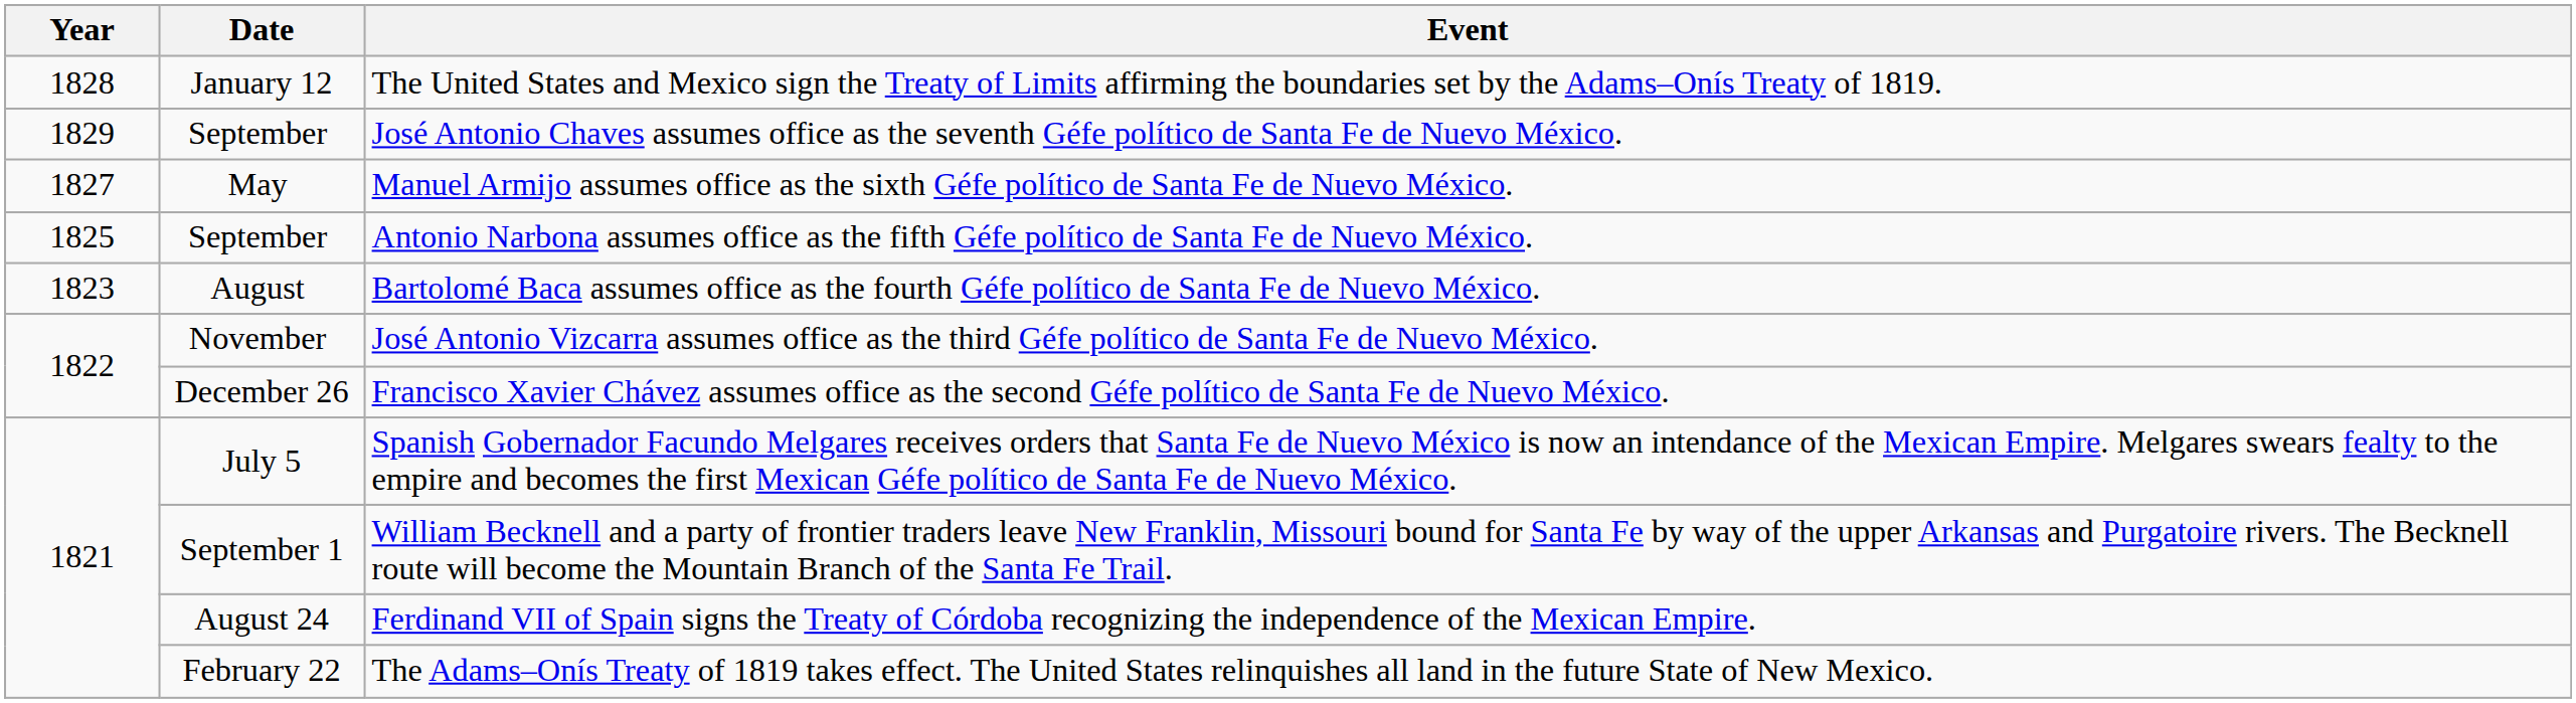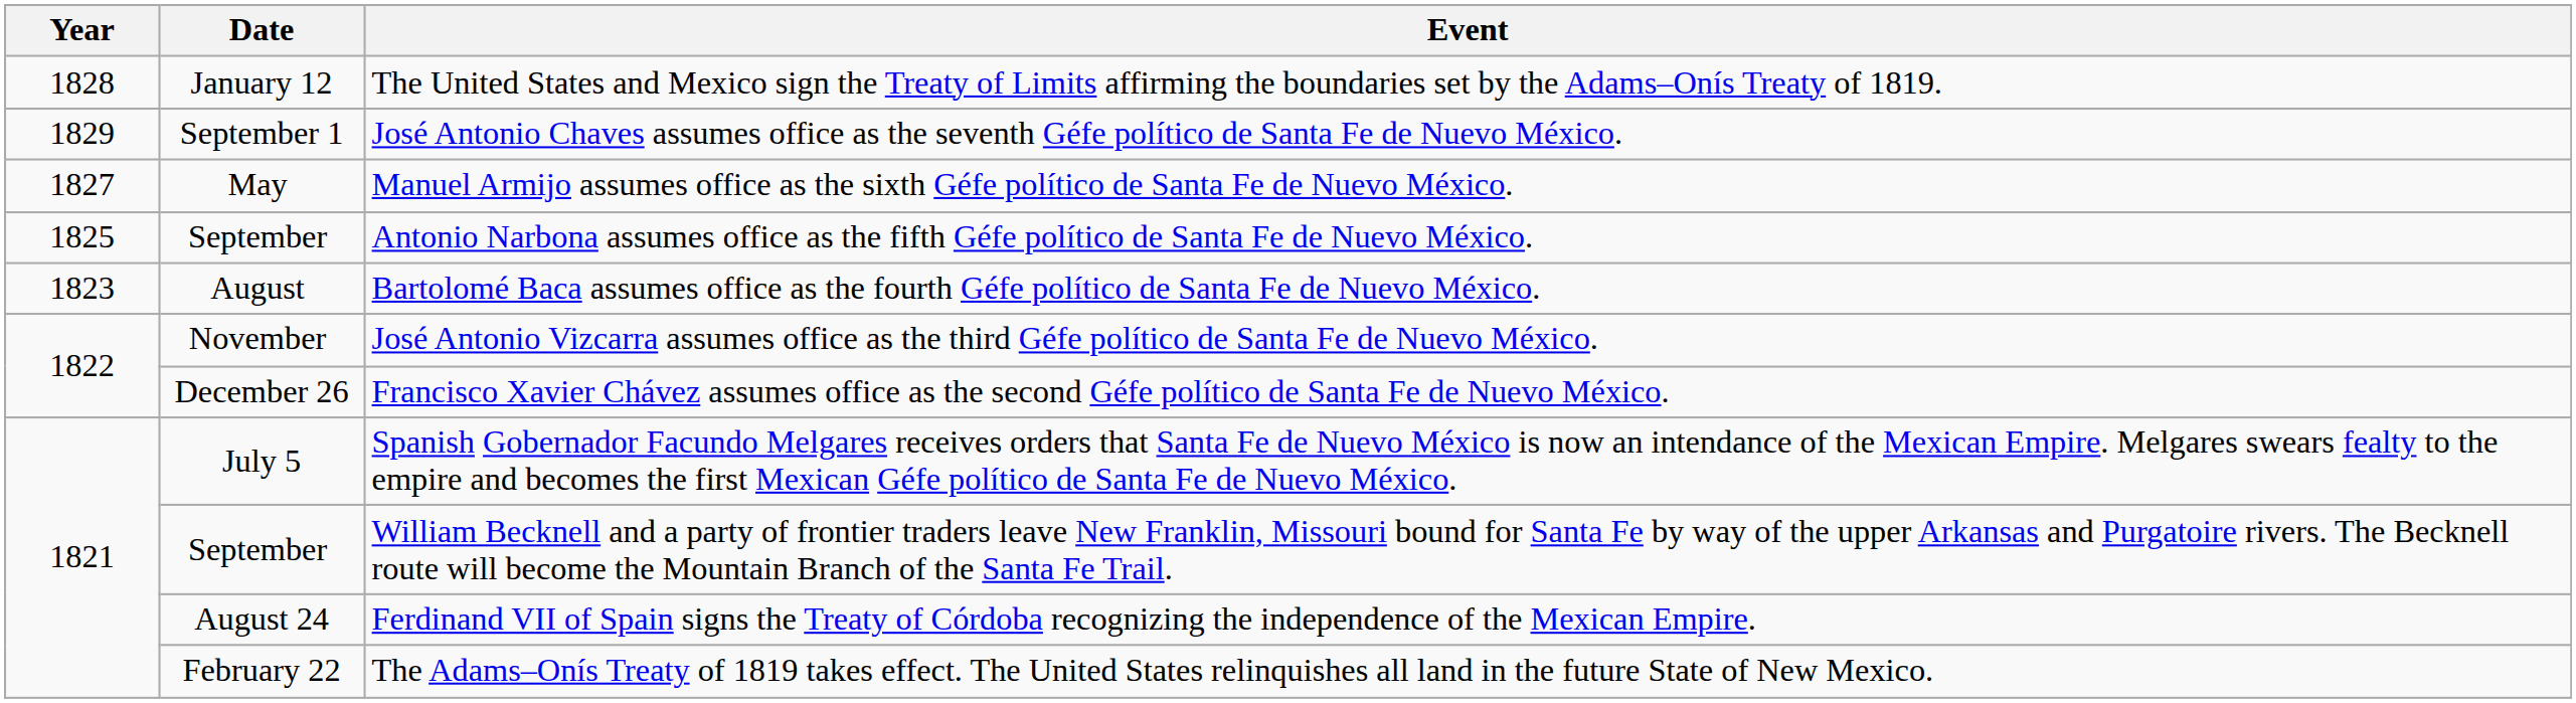 <table class="wikitable" style="width:100%;">
 <tr>
 <th style="width:6%">Year</th>
 <th style="width:8%">Date</th>
 <th style="width:86%">Event</th>
 </tr>
 <tr>
 <td align=center rowspan=1>1828</td>
 <td align=center>January 12</td>
 <td>The United States and Mexico sign the <a href='#'>Treaty of Limits</a> affirming the boundaries set by the <a href='#'>Adams–Onís Treaty</a> of 1819.</td>
 </tr>
 <tr>
 <td align=center rowspan=1>1829</td>
-<td align=center>September </td>
+<td align=center>September 1</td>
 <td><a href='#'>José Antonio Chaves</a> assumes office as the seventh <a href='#'>Géfe político de Santa Fe de Nuevo México</a>.</td>
 </tr>
 <tr>
 <td align=center rowspan=1>1827</td>
 <td align=center>May </td>
 <td><a href='#'>Manuel Armijo</a> assumes office as the sixth <a href='#'>Géfe político de Santa Fe de Nuevo México</a>.</td>
 </tr>
 <tr>
 <td align=center rowspan=1>1825</td>
 <td align=center>September </td>
 <td><a href='#'>Antonio Narbona</a> assumes office as the fifth <a href='#'>Géfe político de Santa Fe de Nuevo México</a>.</td>
 </tr>
 <tr>
 <td align=center rowspan=1>1823</td>
 <td align=center>August </td>
 <td><a href='#'>Bartolomé Baca</a> assumes office as the fourth <a href='#'>Géfe político de Santa Fe de Nuevo México</a>.</td>
 </tr>
 <tr>
 <td align=center rowspan=2>1822</td>
 <td align=center>November </td>
 <td><a href='#'>José Antonio Vizcarra</a> assumes office as the third <a href='#'>Géfe político de Santa Fe de Nuevo México</a>.</td>
 </tr>
 <tr>
 <td align=center>December 26</td>
 <td><a href='#'>Francisco Xavier Chávez</a> assumes office as the second <a href='#'>Géfe político de Santa Fe de Nuevo México</a>.</td>
 </tr>
 <tr>
 <td align=center rowspan=4>1821</td>
 <td align=center>July 5</td>
 <td><a href='#'>Spanish</a> <a href='#'>Gobernador Facundo Melgares</a> receives orders that <a href='#'>Santa Fe de Nuevo México</a> is now an intendance of the <a href='#'>Mexican Empire</a>.  Melgares swears <a href='#'>fealty</a> to the empire and becomes the first <a href='#'>Mexican</a> <a href='#'>Géfe político de Santa Fe de Nuevo México</a>.</td>
 </tr>
 <tr>
-<td align=center>September 1</td>
+<td align=center>September </td>
 <td><a href='#'>William Becknell</a> and a party of frontier traders leave <a href='#'>New Franklin, Missouri</a> bound for <a href='#'>Santa Fe</a> by way of the upper <a href='#'>Arkansas</a> and <a href='#'>Purgatoire</a> rivers.  The Becknell route will become the Mountain Branch of the <a href='#'>Santa Fe Trail</a>.</td>
 </tr>
 <tr>
 <td align=center>August 24</td>
 <td><a href='#'>Ferdinand VII of Spain</a> signs the <a href='#'>Treaty of Córdoba</a> recognizing the independence of the <a href='#'>Mexican Empire</a>.</td>
 </tr>
 <tr>
 <td align=center>February 22</td>
 <td>The <a href='#'>Adams–Onís Treaty</a> of 1819 takes effect.  The United States relinquishes all land in the future State of New Mexico.</td>
 </tr>
 </table>
